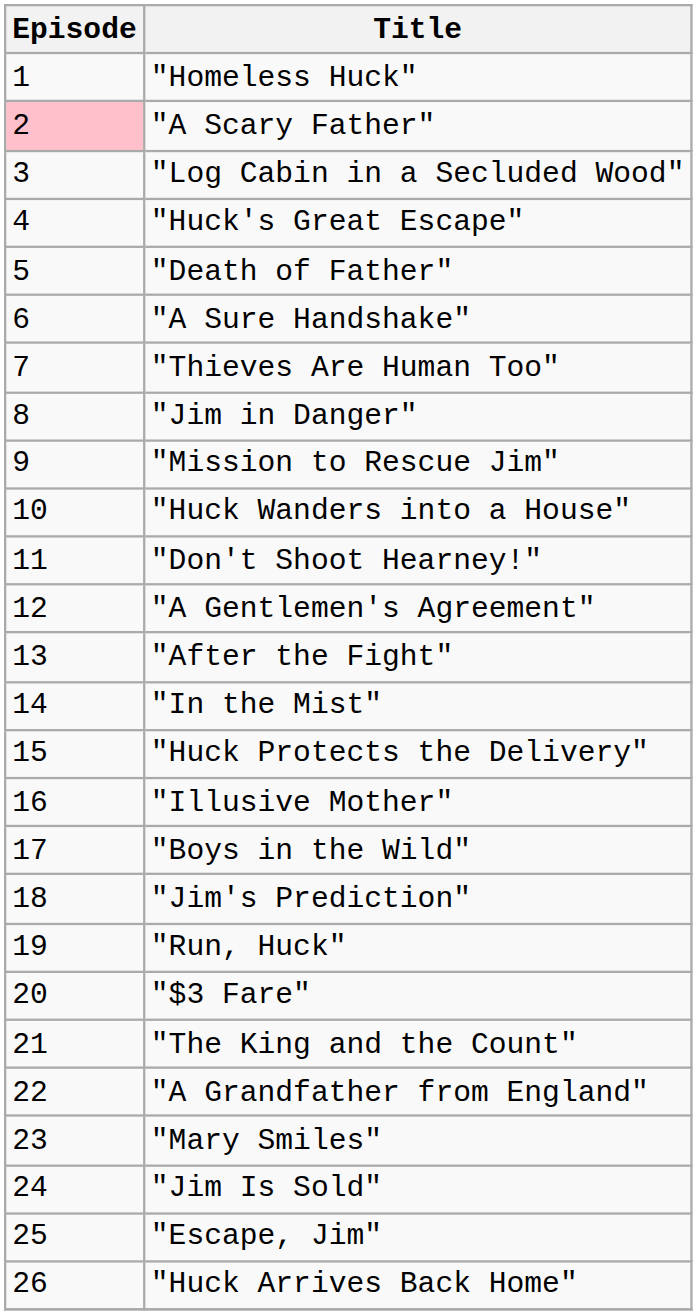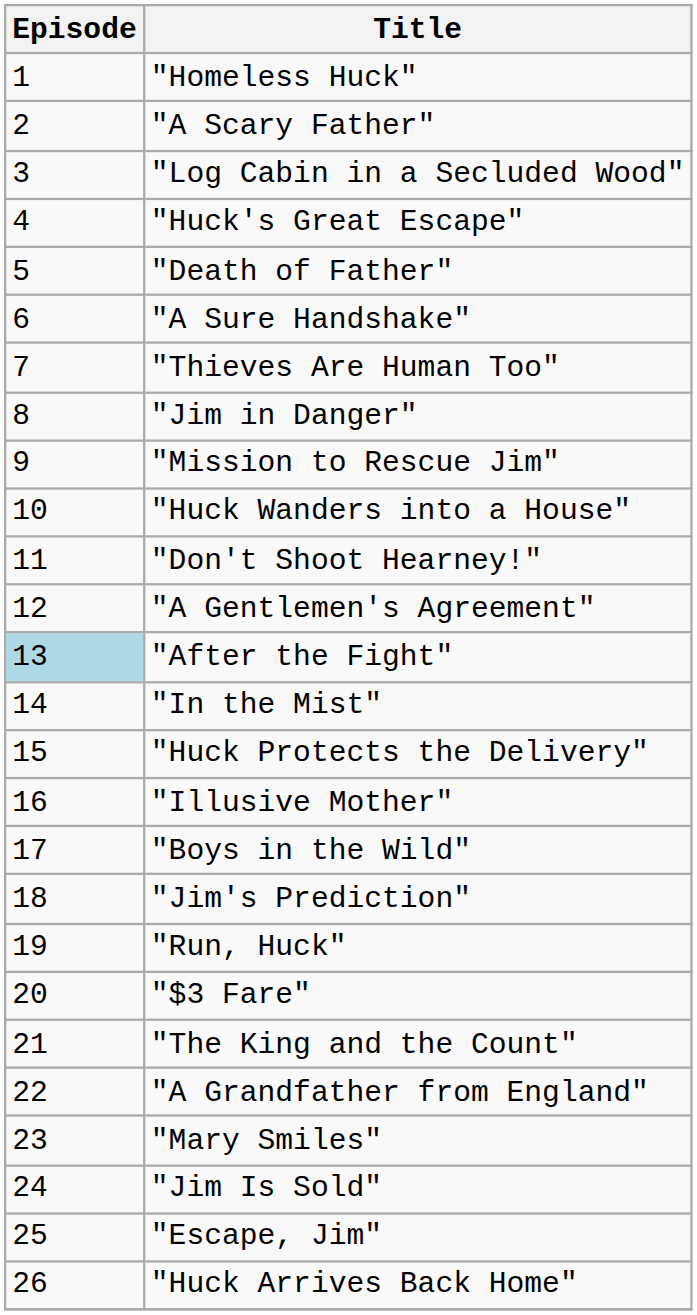 <table class="wikitable">
 <tr>
 <th>Episode</th>
 <th>Title</th>
 </tr>
 <tr>
 <td>1</td>
 <td>"Homeless Huck"</td>
 </tr>
 <tr>
-<td style="background: pink;">2</td>
+<td>2</td>
 <td>"A Scary Father"</td>
 </tr>
 <tr>
 <td>3</td>
 <td>"Log Cabin in a Secluded Wood"</td>
 </tr>
 <tr>
 <td>4</td>
 <td>"Huck's Great Escape"</td>
 </tr>
 <tr>
 <td>5</td>
 <td>"Death of Father"</td>
 </tr>
 <tr>
 <td>6</td>
 <td>"A Sure Handshake"</td>
 </tr>
 <tr>
 <td>7</td>
 <td>"Thieves Are Human Too"</td>
 </tr>
 <tr>
 <td>8</td>
 <td>"Jim in Danger"</td>
 </tr>
 <tr>
 <td>9</td>
 <td>"Mission to Rescue Jim"</td>
 </tr>
 <tr>
 <td>10</td>
 <td>"Huck Wanders into a House"</td>
 </tr>
 <tr>
 <td>11</td>
 <td>"Don't Shoot Hearney!"</td>
 </tr>
 <tr>
 <td>12</td>
 <td>"A Gentlemen's Agreement"</td>
 </tr>
 <tr>
-<td>13</td>
+<td style="background: lightblue;">13</td>
 <td>"After the Fight"</td>
 </tr>
 <tr>
 <td>14</td>
 <td>"In the Mist"</td>
 </tr>
 <tr>
 <td>15</td>
 <td>"Huck Protects the Delivery"</td>
 </tr>
 <tr>
 <td>16</td>
 <td>"Illusive Mother"</td>
 </tr>
 <tr>
 <td>17</td>
 <td>"Boys in the Wild"</td>
 </tr>
 <tr>
 <td>18</td>
 <td>"Jim's Prediction"</td>
 </tr>
 <tr>
 <td>19</td>
 <td>"Run, Huck"</td>
 </tr>
 <tr>
 <td>20</td>
 <td>"$3 Fare"</td>
 </tr>
 <tr>
 <td>21</td>
 <td>"The King and the Count"</td>
 </tr>
 <tr>
 <td>22</td>
 <td>"A Grandfather from England"</td>
 </tr>
 <tr>
 <td>23</td>
 <td>"Mary Smiles"</td>
 </tr>
 <tr>
 <td>24</td>
 <td>"Jim Is Sold"</td>
 </tr>
 <tr>
 <td>25</td>
 <td>"Escape, Jim"</td>
 </tr>
 <tr>
 <td>26</td>
 <td>"Huck Arrives Back Home"</td>
 </tr>
 <tr>
 </tr>
 </table>
